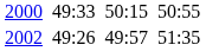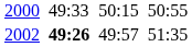 <table>
 <tr valign="top">
 <td><a href='#'>2000</a><br></td>
 <td></td>
 <td>49:33</td>
 <td></td>
 <td>50:15</td>
 <td></td>
 <td>50:55</td>
 </tr>
 <tr valign="top">
 <td><a href='#'>2002</a><br></td>
 <td></td>
-<td>49:26</td>
+<td><strong>49:26</strong></td>
 <td></td>
 <td>49:57</td>
 <td></td>
 <td>51:35</td>
 </tr>
 </table>
